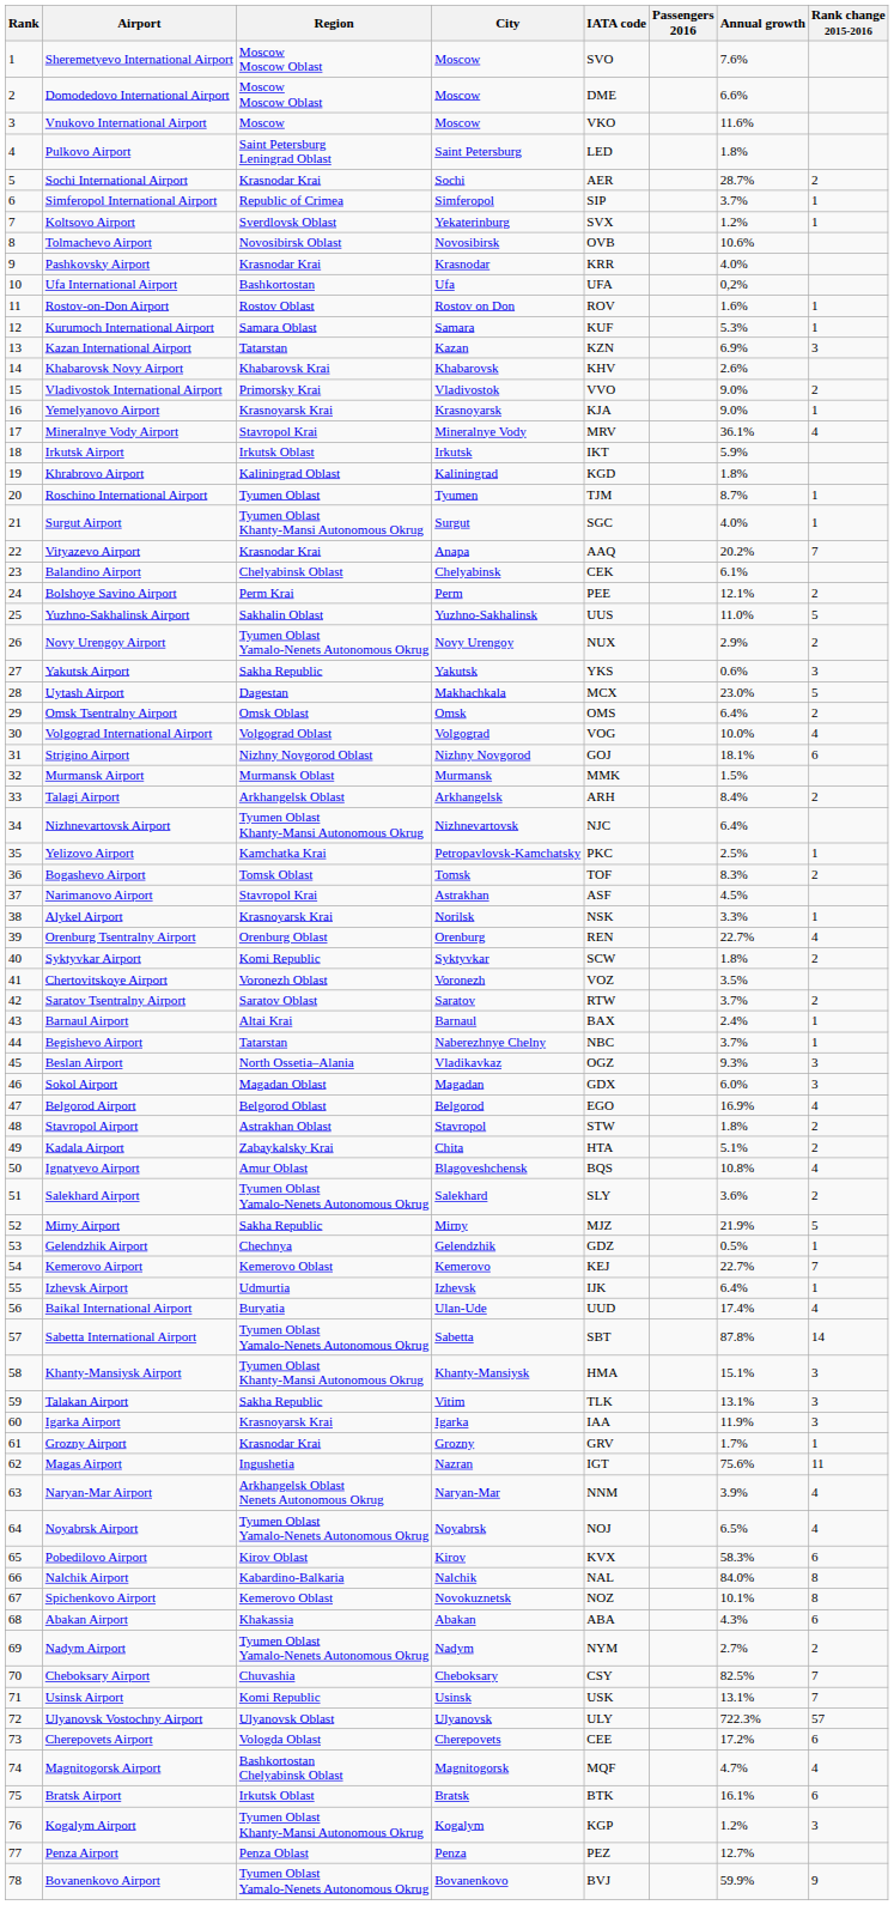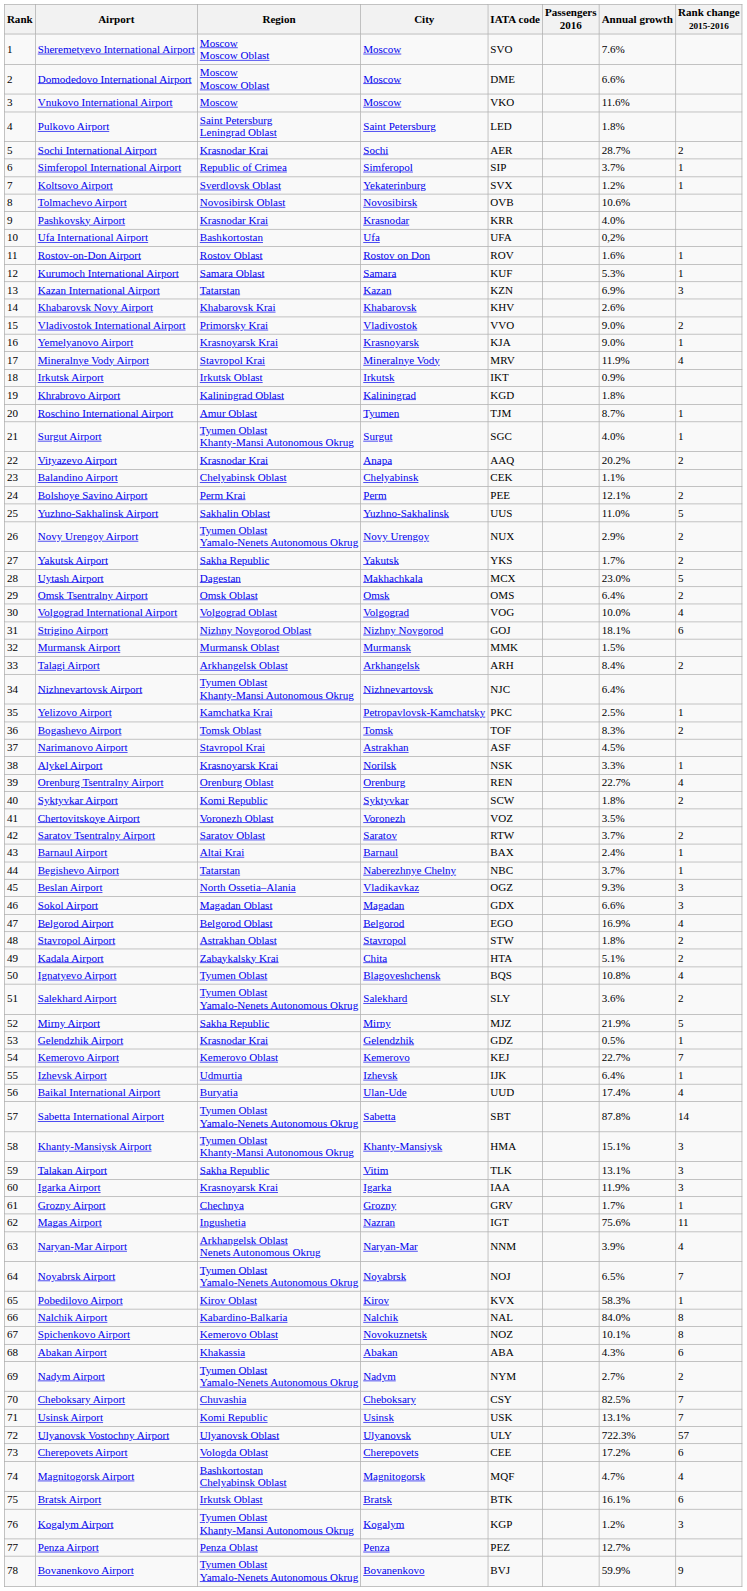 <table class="wikitable sortable">
 <tr>
 <th>Rank</th>
 <th>Airport</th>
 <th>Region</th>
 <th>City</th>
 <th>IATA code</th>
 <th>Passengers<br>2016</th>
 <th>Annual growth</th>
 <th>Rank change<br><small>2015-2016</small></th>
 </tr>
 <tr>
 <td>1</td>
 <td><a href='#'>Sheremetyevo International Airport</a></td>
 <td><a href='#'>Moscow</a><br><a href='#'>Moscow Oblast</a></td>
 <td><a href='#'>Moscow</a></td>
 <td>SVO</td>
 <td style="text-align: right"></td>
 <td>  7.6%</td>
 <td></td>
 </tr>
 <tr>
 <td>2</td>
 <td><a href='#'>Domodedovo International Airport</a></td>
 <td><a href='#'>Moscow</a><br><a href='#'>Moscow Oblast</a></td>
 <td><a href='#'>Moscow</a></td>
 <td>DME</td>
 <td style="text-align: right"></td>
 <td>  6.6%</td>
 <td></td>
 </tr>
 <tr>
 <td>3</td>
 <td><a href='#'>Vnukovo International Airport</a></td>
 <td><a href='#'>Moscow</a></td>
 <td><a href='#'>Moscow</a></td>
 <td>VKO</td>
 <td style="text-align: right"></td>
 <td>  11.6%</td>
 <td></td>
 </tr>
 <tr>
 <td>4</td>
 <td><a href='#'>Pulkovo Airport</a></td>
 <td><a href='#'>Saint Petersburg</a><br><a href='#'>Leningrad Oblast</a></td>
 <td><a href='#'>Saint Petersburg</a></td>
 <td>LED</td>
 <td style="text-a7lign: right"></td>
 <td>  1.8%</td>
 <td></td>
 </tr>
 <tr>
 <td>5</td>
 <td><a href='#'>Sochi International Airport</a></td>
 <td><a href='#'>Krasnodar Krai</a></td>
 <td><a href='#'>Sochi</a></td>
 <td>AER</td>
 <td style="text-align: right"></td>
 <td>  28.7%</td>
 <td>2</td>
 </tr>
 <tr>
 <td>6</td>
 <td><a href='#'>Simferopol International Airport</a></td>
 <td><a href='#'>Republic of Crimea</a></td>
 <td><a href='#'>Simferopol</a></td>
 <td>SIP</td>
 <td style="text-align: right"></td>
 <td>  3.7%</td>
 <td>1</td>
 </tr>
 <tr>
 <td>7</td>
 <td><a href='#'>Koltsovo Airport</a></td>
 <td><a href='#'>Sverdlovsk Oblast</a></td>
 <td><a href='#'>Yekaterinburg</a></td>
 <td>SVX</td>
 <td style="text-align: right"></td>
 <td>  1.2%</td>
 <td>1</td>
 </tr>
 <tr>
 <td>8</td>
 <td><a href='#'>Tolmachevo Airport</a></td>
 <td><a href='#'>Novosibirsk Oblast</a></td>
 <td><a href='#'>Novosibirsk</a></td>
 <td>OVB</td>
 <td style="text-align: right"></td>
 <td>  10.6%</td>
 <td></td>
 </tr>
 <tr>
 <td>9</td>
 <td><a href='#'>Pashkovsky Airport</a></td>
 <td><a href='#'>Krasnodar Krai</a></td>
 <td><a href='#'>Krasnodar</a></td>
 <td>KRR</td>
 <td style="text-align: right"></td>
 <td>  4.0%</td>
 <td></td>
 </tr>
 <tr>
 <td>10</td>
 <td><a href='#'>Ufa International Airport</a></td>
 <td><a href='#'>Bashkortostan</a></td>
 <td><a href='#'>Ufa</a></td>
 <td>UFA</td>
 <td style="text-align: right"></td>
 <td>  0,2%</td>
 <td></td>
 </tr>
 <tr>
 <td>11</td>
 <td><a href='#'>Rostov-on-Don Airport</a></td>
 <td><a href='#'>Rostov Oblast</a></td>
 <td><a href='#'>Rostov on Don</a></td>
 <td>ROV</td>
 <td style="text-align: right"></td>
 <td>  1.6%</td>
 <td>1</td>
 </tr>
 <tr>
 <td>12</td>
 <td><a href='#'>Kurumoch International Airport</a></td>
 <td><a href='#'>Samara Oblast</a></td>
 <td><a href='#'>Samara</a></td>
 <td>KUF</td>
 <td style="text-align: right"></td>
 <td>  5.3%</td>
 <td>1</td>
 </tr>
 <tr>
 <td>13</td>
 <td><a href='#'>Kazan International Airport</a></td>
 <td><a href='#'>Tatarstan</a></td>
 <td><a href='#'>Kazan</a></td>
 <td>KZN</td>
 <td style="text-align: right"></td>
 <td>  6.9%</td>
 <td>3</td>
 </tr>
 <tr>
 <td>14</td>
 <td><a href='#'>Khabarovsk Novy Airport</a></td>
 <td><a href='#'>Khabarovsk Krai</a></td>
 <td><a href='#'>Khabarovsk</a></td>
 <td>KHV</td>
 <td style="text-align: right"></td>
 <td>  2.6%</td>
 <td></td>
 </tr>
 <tr>
 <td>15</td>
 <td><a href='#'>Vladivostok International Airport</a></td>
 <td><a href='#'>Primorsky Krai</a></td>
 <td><a href='#'>Vladivostok</a></td>
 <td>VVO</td>
 <td style="text-align: right"></td>
 <td>  9.0%</td>
 <td>2</td>
 </tr>
 <tr>
 <td>16</td>
 <td><a href='#'>Yemelyanovo Airport</a></td>
 <td><a href='#'>Krasnoyarsk Krai</a></td>
 <td><a href='#'>Krasnoyarsk</a></td>
 <td>KJA</td>
 <td style="text-align: right"></td>
 <td>  9.0%</td>
 <td>1</td>
 </tr>
 <tr>
 <td>17</td>
 <td><a href='#'>Mineralnye Vody Airport</a></td>
 <td><a href='#'>Stavropol Krai</a></td>
 <td><a href='#'>Mineralnye Vody</a></td>
 <td>MRV</td>
 <td style="text-align: right"></td>
-<td>  36.1%</td>
+<td>  11.9%</td>
 <td>4</td>
 </tr>
 <tr>
 <td>18</td>
 <td><a href='#'>Irkutsk Airport</a></td>
 <td><a href='#'>Irkutsk Oblast</a></td>
 <td><a href='#'>Irkutsk</a></td>
 <td>IKT</td>
 <td style="text-align: right"></td>
-<td>  5.9%</td>
+<td>  0.9%</td>
 <td></td>
 </tr>
 <tr>
 <td>19</td>
 <td><a href='#'>Khrabrovo Airport</a></td>
 <td><a href='#'>Kaliningrad Oblast</a></td>
 <td><a href='#'>Kaliningrad</a></td>
 <td>KGD</td>
 <td style="text-align: right"></td>
 <td>  1.8%</td>
 <td></td>
 </tr>
 <tr>
 <td>20</td>
 <td><a href='#'>Roschino International Airport</a></td>
-<td><a href='#'>Tyumen Oblast</a></td>
+<td><a href='#'>Amur Oblast</a></td>
 <td><a href='#'>Tyumen</a></td>
 <td>TJM</td>
 <td style="text-align: right"></td>
 <td>  8.7%</td>
 <td>1</td>
 </tr>
 <tr>
 <td>21</td>
 <td><a href='#'>Surgut Airport</a></td>
 <td><a href='#'>Tyumen Oblast</a><br><a href='#'>Khanty-Mansi Autonomous Okrug</a></td>
 <td><a href='#'>Surgut</a></td>
 <td>SGC</td>
 <td style="text-align: right"></td>
 <td>  4.0%</td>
 <td>1</td>
 </tr>
 <tr>
 <td>22</td>
 <td><a href='#'>Vityazevo Airport</a></td>
 <td><a href='#'>Krasnodar Krai</a></td>
 <td><a href='#'>Anapa</a></td>
 <td>AAQ</td>
 <td style="text-align: right"></td>
 <td>  20.2%</td>
-<td>7</td>
+<td>2</td>
 </tr>
 <tr>
 <td>23</td>
 <td><a href='#'>Balandino Airport</a></td>
 <td><a href='#'>Chelyabinsk Oblast</a></td>
 <td><a href='#'>Chelyabinsk</a></td>
 <td>CEK</td>
 <td style="text-align: right"></td>
-<td>  6.1%</td>
+<td>  1.1%</td>
 <td></td>
 </tr>
 <tr>
 <td>24</td>
 <td><a href='#'>Bolshoye Savino Airport</a></td>
 <td><a href='#'>Perm Krai</a></td>
 <td><a href='#'>Perm</a></td>
 <td>PEE</td>
 <td style="text-align: right"></td>
 <td>  12.1%</td>
 <td>2</td>
 </tr>
 <tr>
 <td>25</td>
 <td><a href='#'>Yuzhno-Sakhalinsk Airport</a></td>
 <td><a href='#'>Sakhalin Oblast</a></td>
 <td><a href='#'>Yuzhno-Sakhalinsk</a></td>
 <td>UUS</td>
 <td style="text-align: right"></td>
 <td>  11.0%</td>
 <td>5</td>
 </tr>
 <tr>
 <td>26</td>
 <td><a href='#'>Novy Urengoy Airport</a></td>
 <td><a href='#'>Tyumen Oblast</a><br><a href='#'>Yamalo-Nenets Autonomous Okrug</a></td>
 <td><a href='#'>Novy Urengoy</a></td>
 <td>NUX</td>
 <td style="text-align: right"></td>
 <td>  2.9%</td>
 <td>2</td>
 </tr>
 <tr>
 <td>27</td>
 <td><a href='#'>Yakutsk Airport</a></td>
 <td><a href='#'>Sakha Republic</a></td>
 <td><a href='#'>Yakutsk</a></td>
 <td>YKS</td>
 <td style="text-align: right"></td>
-<td>  0.6%</td>
-<td>3</td>
+<td>  1.7%</td>
+<td>2</td>
 </tr>
 <tr>
 <td>28</td>
 <td><a href='#'>Uytash Airport</a></td>
 <td><a href='#'>Dagestan</a></td>
 <td><a href='#'>Makhachkala</a></td>
 <td>MCX</td>
 <td style="text-align: right"></td>
 <td>  23.0%</td>
 <td>5</td>
 </tr>
 <tr>
 <td>29</td>
 <td><a href='#'>Omsk Tsentralny Airport</a></td>
 <td><a href='#'>Omsk Oblast</a></td>
 <td><a href='#'>Omsk</a></td>
 <td>OMS</td>
 <td style="text-align: right"></td>
 <td> 6.4%</td>
 <td>2</td>
 </tr>
 <tr>
 <td>30</td>
 <td><a href='#'>Volgograd International Airport</a></td>
 <td><a href='#'>Volgograd Oblast</a></td>
 <td><a href='#'>Volgograd</a></td>
 <td>VOG</td>
 <td style="text-align: right"></td>
 <td> 10.0%</td>
 <td>4</td>
 </tr>
 <tr>
 <td>31</td>
 <td><a href='#'>Strigino Airport</a></td>
 <td><a href='#'>Nizhny Novgorod Oblast</a></td>
 <td><a href='#'>Nizhny Novgorod</a></td>
 <td>GOJ</td>
 <td style="text-align: right"></td>
 <td>  18.1%</td>
 <td>6</td>
 </tr>
 <tr>
 <td>32</td>
 <td><a href='#'>Murmansk Airport</a></td>
 <td><a href='#'>Murmansk Oblast</a></td>
 <td><a href='#'>Murmansk</a></td>
 <td>MMK</td>
 <td style="text-align: right"></td>
 <td>  1.5%</td>
 <td></td>
 </tr>
 <tr>
 <td>33</td>
 <td><a href='#'>Talagi Airport</a></td>
 <td><a href='#'>Arkhangelsk Oblast</a></td>
 <td><a href='#'>Arkhangelsk</a></td>
 <td>ARH</td>
 <td style="text-align: right"></td>
 <td>  8.4%</td>
 <td>2</td>
 </tr>
 <tr>
 <td>34</td>
 <td><a href='#'>Nizhnevartovsk Airport</a></td>
 <td><a href='#'>Tyumen Oblast</a><br><a href='#'>Khanty-Mansi Autonomous Okrug</a></td>
 <td><a href='#'>Nizhnevartovsk</a></td>
 <td>NJC</td>
 <td style="text-align: right"></td>
 <td>  6.4%</td>
 <td></td>
 </tr>
 <tr>
 <td>35</td>
 <td><a href='#'>Yelizovo Airport</a></td>
 <td><a href='#'>Kamchatka Krai</a></td>
 <td><a href='#'>Petropavlovsk-Kamchatsky</a></td>
 <td>PKC</td>
 <td style="text-align: right"></td>
 <td>  2.5%</td>
 <td>1</td>
 </tr>
 <tr>
 <td>36</td>
 <td><a href='#'>Bogashevo Airport</a></td>
 <td><a href='#'>Tomsk Oblast</a></td>
 <td><a href='#'>Tomsk</a></td>
 <td>TOF</td>
 <td style="text-align: right"></td>
 <td>  8.3%</td>
 <td>2</td>
 </tr>
 <tr>
 <td>37</td>
 <td><a href='#'>Narimanovo Airport</a></td>
 <td><a href='#'>Stavropol Krai</a></td>
 <td><a href='#'>Astrakhan</a></td>
 <td>ASF</td>
 <td style="text-align: right"></td>
 <td>  4.5%</td>
 <td></td>
 </tr>
 <tr>
 <td>38</td>
 <td><a href='#'>Alykel Airport</a></td>
 <td><a href='#'>Krasnoyarsk Krai</a></td>
 <td><a href='#'>Norilsk</a></td>
 <td>NSK</td>
 <td style="text-align: right"></td>
 <td>  3.3%</td>
 <td>1</td>
 </tr>
 <tr>
 <td>39</td>
 <td><a href='#'>Orenburg Tsentralny Airport</a></td>
 <td><a href='#'>Orenburg Oblast</a></td>
 <td><a href='#'>Orenburg</a></td>
 <td>REN</td>
 <td style="text-align: right"></td>
 <td>  22.7%</td>
 <td>4</td>
 </tr>
 <tr>
 <td>40</td>
 <td><a href='#'>Syktyvkar Airport</a></td>
 <td><a href='#'>Komi Republic</a></td>
 <td><a href='#'>Syktyvkar</a></td>
 <td>SCW</td>
 <td style="text-align: right"></td>
 <td>  1.8%</td>
 <td>2</td>
 </tr>
 <tr>
 <td>41</td>
 <td><a href='#'>Chertovitskoye Airport</a></td>
 <td><a href='#'>Voronezh Oblast</a></td>
 <td><a href='#'>Voronezh</a></td>
 <td>VOZ</td>
 <td style="text-align: right"></td>
 <td>  3.5%</td>
 <td></td>
 </tr>
 <tr>
 <td>42</td>
 <td><a href='#'>Saratov Tsentralny Airport</a></td>
 <td><a href='#'>Saratov Oblast</a></td>
 <td><a href='#'>Saratov</a></td>
 <td>RTW</td>
 <td style="text-align: right"></td>
 <td>  3.7%</td>
 <td>2</td>
 </tr>
 <tr>
 <td>43</td>
 <td><a href='#'>Barnaul Airport</a></td>
 <td><a href='#'>Altai Krai</a></td>
 <td><a href='#'>Barnaul</a></td>
 <td>BAX</td>
 <td style="text-align: right"></td>
 <td>  2.4%</td>
 <td>1</td>
 </tr>
 <tr>
 <td>44</td>
 <td><a href='#'>Begishevo Airport</a></td>
 <td><a href='#'>Tatarstan</a></td>
 <td><a href='#'>Naberezhnye Chelny</a></td>
 <td>NBC</td>
 <td style="text-align: right"></td>
 <td>  3.7%</td>
 <td>1</td>
 </tr>
 <tr>
 <td>45</td>
 <td><a href='#'>Beslan Airport</a></td>
 <td><a href='#'>North Ossetia–Alania</a></td>
 <td><a href='#'>Vladikavkaz</a></td>
 <td>OGZ</td>
 <td style="text-align: right"></td>
 <td>  9.3%</td>
 <td> 3</td>
 </tr>
 <tr>
 <td>46</td>
 <td><a href='#'>Sokol Airport</a></td>
 <td><a href='#'>Magadan Oblast</a></td>
 <td><a href='#'>Magadan</a></td>
 <td>GDX</td>
 <td style="text-align: right"></td>
-<td>  6.0%</td>
+<td>  6.6%</td>
 <td>3</td>
 </tr>
 <tr>
 <td>47</td>
 <td><a href='#'>Belgorod Airport</a></td>
 <td><a href='#'>Belgorod Oblast</a></td>
 <td><a href='#'>Belgorod</a></td>
 <td>EGO</td>
 <td style="text-align: right"></td>
 <td>  16.9%</td>
 <td>4</td>
 </tr>
 <tr>
 <td>48</td>
 <td><a href='#'>Stavropol Airport</a></td>
 <td><a href='#'>Astrakhan Oblast</a></td>
 <td><a href='#'>Stavropol</a></td>
 <td>STW</td>
 <td style="text-align: right"></td>
 <td>  1.8%</td>
 <td>2</td>
 </tr>
 <tr>
 <td>49</td>
 <td><a href='#'>Kadala Airport</a></td>
 <td><a href='#'>Zabaykalsky Krai</a></td>
 <td><a href='#'>Chita</a></td>
 <td>HTA</td>
 <td style="text-align: right"></td>
 <td>  5.1%</td>
 <td>2</td>
 </tr>
 <tr>
 <td>50</td>
 <td><a href='#'>Ignatyevo Airport</a></td>
-<td><a href='#'>Amur Oblast</a></td>
+<td><a href='#'>Tyumen Oblast</a></td>
 <td><a href='#'>Blagoveshchensk</a></td>
 <td>BQS</td>
 <td style="text-align: right"></td>
 <td>  10.8%</td>
 <td>4</td>
 </tr>
 <tr>
 <td>51</td>
 <td><a href='#'>Salekhard Airport</a></td>
 <td><a href='#'>Tyumen Oblast</a><br><a href='#'>Yamalo-Nenets Autonomous Okrug</a></td>
 <td><a href='#'>Salekhard</a></td>
 <td>SLY</td>
 <td style="text-align: right"></td>
 <td>  3.6%</td>
 <td>2</td>
 </tr>
 <tr>
 <td>52</td>
 <td><a href='#'>Mirny Airport</a></td>
 <td><a href='#'>Sakha Republic</a></td>
 <td><a href='#'>Mirny</a></td>
 <td>MJZ</td>
 <td style="text-align: right"></td>
 <td>  21.9%</td>
 <td>5</td>
 </tr>
 <tr>
 <td>53</td>
 <td><a href='#'>Gelendzhik Airport</a></td>
-<td><a href='#'>Chechnya</a></td>
+<td><a href='#'>Krasnodar Krai</a></td>
 <td><a href='#'>Gelendzhik</a></td>
 <td>GDZ</td>
 <td style="text-align: right"></td>
 <td>  0.5%</td>
 <td>1</td>
 </tr>
 <tr>
 <td>54</td>
 <td><a href='#'>Kemerovo Airport</a></td>
 <td><a href='#'>Kemerovo Oblast</a></td>
 <td><a href='#'>Kemerovo</a></td>
 <td>KEJ</td>
 <td style="text-align: right"></td>
 <td>  22.7%</td>
 <td>7</td>
 </tr>
 <tr>
 <td>55</td>
 <td><a href='#'>Izhevsk Airport</a></td>
 <td><a href='#'>Udmurtia</a></td>
 <td><a href='#'>Izhevsk</a></td>
 <td>IJK</td>
 <td style="text-align: right"></td>
 <td>  6.4%</td>
 <td>1</td>
 </tr>
 <tr>
 <td>56</td>
 <td><a href='#'>Baikal International Airport</a></td>
 <td><a href='#'>Buryatia</a></td>
 <td><a href='#'>Ulan-Ude</a></td>
 <td>UUD</td>
 <td style="text-align: right"></td>
 <td>  17.4%</td>
 <td>4</td>
 </tr>
 <tr>
 <td>57</td>
 <td><a href='#'>Sabetta International Airport</a></td>
 <td><a href='#'>Tyumen Oblast</a><br><a href='#'>Yamalo-Nenets Autonomous Okrug</a></td>
 <td><a href='#'>Sabetta</a></td>
 <td>SBT</td>
 <td style="text-align: right"></td>
 <td>  87.8%</td>
 <td>14</td>
 </tr>
 <tr>
 <td>58</td>
 <td><a href='#'>Khanty-Mansiysk Airport</a></td>
 <td><a href='#'>Tyumen Oblast</a><br><a href='#'>Khanty-Mansi Autonomous Okrug</a></td>
 <td><a href='#'>Khanty-Mansiysk</a></td>
 <td>HMA</td>
 <td style="text-align: right"></td>
 <td>  15.1%</td>
 <td>3</td>
 </tr>
 <tr>
 <td>59</td>
 <td><a href='#'>Talakan Airport</a></td>
 <td><a href='#'>Sakha Republic</a></td>
 <td><a href='#'>Vitim</a></td>
 <td>TLK</td>
 <td style="text-align: right"></td>
 <td>  13.1%</td>
 <td>3</td>
 </tr>
 <tr>
 <td>60</td>
 <td><a href='#'>Igarka Airport</a></td>
 <td><a href='#'>Krasnoyarsk Krai</a></td>
 <td><a href='#'>Igarka</a></td>
 <td>IAA</td>
 <td style="text-align: right"></td>
 <td>  11.9%</td>
 <td>3</td>
 </tr>
 <tr>
 <td>61</td>
 <td><a href='#'>Grozny Airport</a></td>
-<td><a href='#'>Krasnodar Krai</a></td>
+<td><a href='#'>Chechnya</a></td>
 <td><a href='#'>Grozny</a></td>
 <td>GRV</td>
 <td style="text-align: right"></td>
 <td>  1.7%</td>
 <td>1</td>
 </tr>
 <tr>
 <td>62</td>
 <td><a href='#'>Magas Airport</a></td>
 <td><a href='#'>Ingushetia</a></td>
 <td><a href='#'>Nazran</a></td>
 <td>IGT</td>
 <td style="text-align: right"></td>
 <td>  75.6%</td>
 <td>11</td>
 </tr>
 <tr>
 <td>63</td>
 <td><a href='#'>Naryan-Mar Airport</a></td>
 <td><a href='#'>Arkhangelsk Oblast</a><br><a href='#'>Nenets Autonomous Okrug</a></td>
 <td><a href='#'>Naryan-Mar</a></td>
 <td>NNM</td>
 <td style="text-align: right"></td>
 <td>  3.9%</td>
 <td>4</td>
 </tr>
 <tr>
 <td>64</td>
 <td><a href='#'>Noyabrsk Airport</a></td>
 <td><a href='#'>Tyumen Oblast</a><br><a href='#'>Yamalo-Nenets Autonomous Okrug</a></td>
 <td><a href='#'>Noyabrsk</a></td>
 <td>NOJ</td>
 <td style="text-align: right"></td>
 <td>  6.5%</td>
-<td>4</td>
+<td>7</td>
 </tr>
 <tr>
 <td>65</td>
 <td><a href='#'>Pobedilovo Airport</a></td>
 <td><a href='#'>Kirov Oblast</a></td>
 <td><a href='#'>Kirov</a></td>
 <td>KVX</td>
 <td style="text-align: right"></td>
 <td>  58.3%</td>
-<td>6</td>
+<td>1</td>
 </tr>
 <tr>
 <td>66</td>
 <td><a href='#'>Nalchik Airport</a></td>
 <td><a href='#'>Kabardino-Balkaria</a></td>
 <td><a href='#'>Nalchik</a></td>
 <td>NAL</td>
 <td style="text-align: right"></td>
 <td>  84.0%</td>
 <td>8</td>
 </tr>
 <tr>
 <td>67</td>
 <td><a href='#'>Spichenkovo Airport</a></td>
 <td><a href='#'>Kemerovo Oblast</a></td>
 <td><a href='#'>Novokuznetsk</a></td>
 <td>NOZ</td>
 <td style="text-align: right"></td>
 <td>  10.1%</td>
 <td>8</td>
 </tr>
 <tr>
 <td>68</td>
 <td><a href='#'>Abakan Airport</a></td>
 <td><a href='#'>Khakassia</a></td>
 <td><a href='#'>Abakan</a></td>
 <td>ABA</td>
 <td style="text-align: right"></td>
 <td>  4.3%</td>
 <td>6</td>
 </tr>
 <tr>
 <td>69</td>
 <td><a href='#'>Nadym Airport</a></td>
 <td><a href='#'>Tyumen Oblast</a><br><a href='#'>Yamalo-Nenets Autonomous Okrug</a></td>
 <td><a href='#'>Nadym</a></td>
 <td>NYM</td>
 <td style="text-align: right"></td>
 <td>  2.7%</td>
 <td>2</td>
 </tr>
 <tr>
 <td>70</td>
 <td><a href='#'>Cheboksary Airport</a></td>
 <td><a href='#'>Chuvashia</a></td>
 <td><a href='#'>Cheboksary</a></td>
 <td>CSY</td>
 <td style="text-align: right"></td>
 <td>  82.5%</td>
 <td>7</td>
 </tr>
 <tr>
 <td>71</td>
 <td><a href='#'>Usinsk Airport</a></td>
 <td><a href='#'>Komi Republic</a></td>
 <td><a href='#'>Usinsk</a></td>
 <td>USK</td>
 <td style="text-align: right"></td>
 <td>  13.1%</td>
 <td>7</td>
 </tr>
 <tr>
 <td>72</td>
 <td><a href='#'>Ulyanovsk Vostochny Airport</a></td>
 <td><a href='#'>Ulyanovsk Oblast</a></td>
 <td><a href='#'>Ulyanovsk</a></td>
 <td>ULY</td>
 <td style="text-align: right"></td>
 <td>  722.3%</td>
 <td>57</td>
 </tr>
 <tr>
 <td>73</td>
 <td><a href='#'>Cherepovets Airport</a></td>
 <td><a href='#'>Vologda Oblast</a></td>
 <td><a href='#'>Cherepovets</a></td>
 <td>CEE</td>
 <td style="text-align: right"></td>
 <td>  17.2%</td>
 <td>6</td>
 </tr>
 <tr>
 <td>74</td>
 <td><a href='#'>Magnitogorsk Airport</a></td>
 <td><a href='#'>Bashkortostan</a><br><a href='#'>Chelyabinsk Oblast</a></td>
 <td><a href='#'>Magnitogorsk</a></td>
 <td>MQF</td>
 <td style="text-align: right"></td>
 <td>  4.7%</td>
 <td>4</td>
 </tr>
 <tr>
 <td>75</td>
 <td><a href='#'>Bratsk Airport</a></td>
 <td><a href='#'>Irkutsk Oblast</a></td>
 <td><a href='#'>Bratsk</a></td>
 <td>BTK</td>
 <td style="text-align: right"></td>
 <td>  16.1%</td>
 <td>6</td>
 </tr>
 <tr>
 <td>76</td>
 <td><a href='#'>Kogalym Airport</a></td>
 <td><a href='#'>Tyumen Oblast</a><br><a href='#'>Khanty-Mansi Autonomous Okrug</a></td>
 <td><a href='#'>Kogalym</a></td>
 <td>KGP</td>
 <td style="text-align: right"></td>
 <td>  1.2%</td>
 <td>3</td>
 </tr>
 <tr>
 <td>77</td>
 <td><a href='#'>Penza Airport</a></td>
 <td><a href='#'>Penza Oblast</a></td>
 <td><a href='#'>Penza</a></td>
 <td>PEZ</td>
 <td style="text-align: right"></td>
 <td>  12.7%</td>
 <td></td>
 </tr>
 <tr>
 <td>78</td>
 <td><a href='#'>Bovanenkovo Airport</a></td>
 <td><a href='#'>Tyumen Oblast</a><br><a href='#'>Yamalo-Nenets Autonomous Okrug</a></td>
 <td><a href='#'>Bovanenkovo</a></td>
 <td>BVJ</td>
 <td style="text-align: right"></td>
 <td>  59.9%</td>
 <td>9</td>
 </tr>
 </table>
